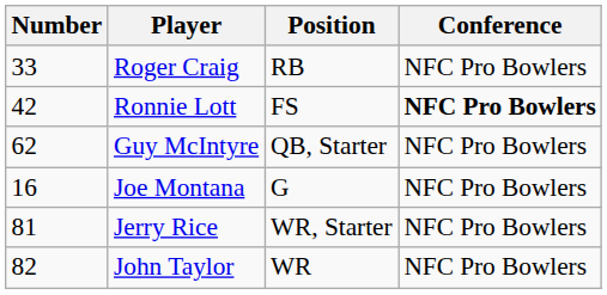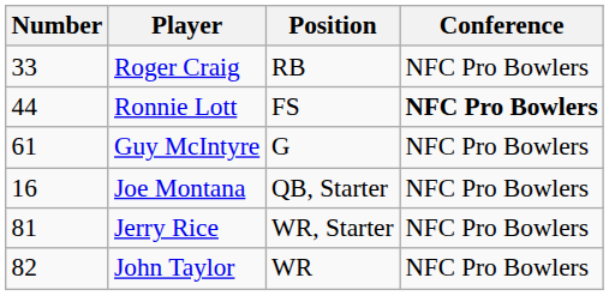 <table class="wikitable">
 <tr>
 <th>Number</th>
 <th>Player</th>
 <th>Position</th>
 <th>Conference</th>
 </tr>
 <tr>
 <td>33</td>
 <td><a href='#'>Roger Craig</a></td>
 <td>RB</td>
 <td>NFC Pro Bowlers</td>
 </tr>
 <tr>
-<td>42</td>
+<td>44</td>
 <td><a href='#'>Ronnie Lott</a></td>
 <td>FS</td>
 <td><strong>NFC Pro Bowlers</strong></td>
 </tr>
 <tr>
-<td>62</td>
+<td>61</td>
 <td><a href='#'>Guy McIntyre</a></td>
-<td>QB, Starter</td>
+<td>G</td>
 <td>NFC Pro Bowlers</td>
 </tr>
 <tr>
 <td>16</td>
 <td><a href='#'>Joe Montana</a></td>
-<td>G</td>
+<td>QB, Starter</td>
 <td>NFC Pro Bowlers</td>
 </tr>
 <tr>
 <td>81</td>
 <td><a href='#'>Jerry Rice</a></td>
 <td>WR, Starter</td>
 <td>NFC Pro Bowlers</td>
 </tr>
 <tr>
 <td>82</td>
 <td><a href='#'>John Taylor</a></td>
 <td>WR</td>
 <td>NFC Pro Bowlers</td>
 </tr>
 </table>
